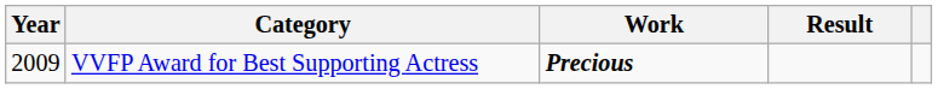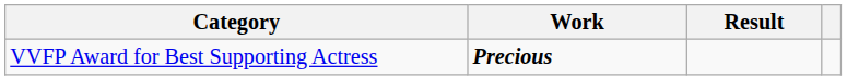 <table class="wikitable">
 <tr>
-<th scope="col" style="width:1em;">Year</th>
 <th scope="col" style="width:44em;">Category</th>
 <th scope="col" style="width:18em;">Work</th>
 <th scope="col" style="width:10em;">Result</th>
 <th class="unsortable" style="width:1em;"></th>
 </tr>
 <tr>
-<td>2009</td>
 <td><a href='#'>VVFP Award for Best Supporting Actress</a></td>
 <td><strong><em>Precious</em></strong></td>
 <td></td>
 <td></td>
 </tr>
 </table>
